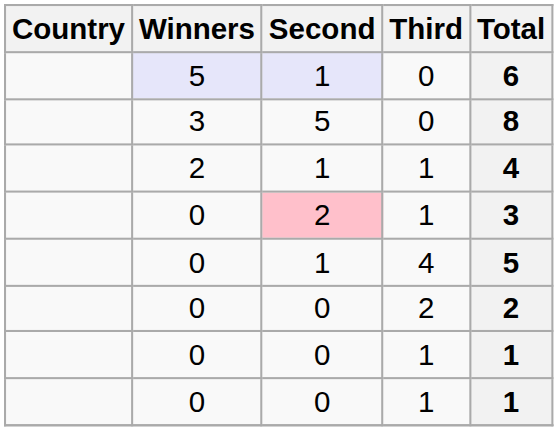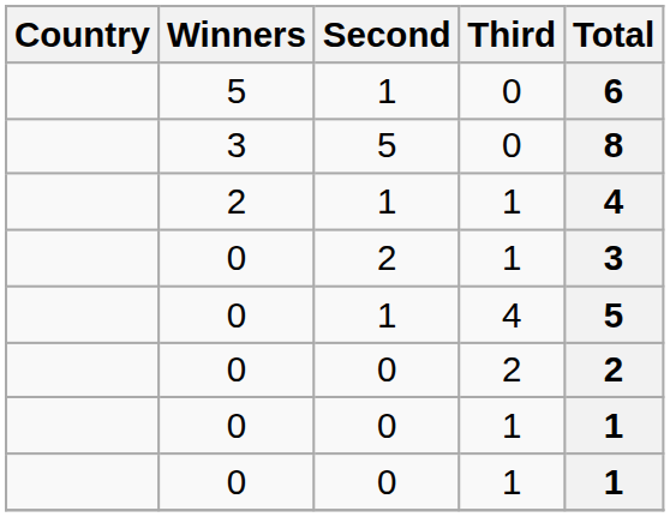 <table class="wikitable" style="font-size: 90%; text-align: center;">
 <tr>
 <th>Country</th>
 <th>Winners</th>
 <th>Second</th>
 <th>Third</th>
 <th>Total</th>
 </tr>
 <tr>
 <td align=left></td>
-<td style="background: lavender;">5</td>
-<td style="background: lavender;">1</td>
+<td>5</td>
+<td>1</td>
 <td>0</td>
 <th>6</th>
 </tr>
 <tr>
 <td align=left></td>
 <td>3</td>
 <td>5</td>
 <td>0</td>
 <th>8</th>
 </tr>
 <tr>
 <td align=left></td>
 <td>2</td>
 <td>1</td>
 <td>1</td>
 <th>4</th>
 </tr>
 <tr>
 <td align=left></td>
 <td>0</td>
-<td style="background: pink;">2</td>
+<td>2</td>
 <td>1</td>
 <th>3</th>
 </tr>
 <tr>
 <td align=left></td>
 <td>0</td>
 <td>1</td>
 <td>4</td>
 <th>5</th>
 </tr>
 <tr>
 <td align=left></td>
 <td>0</td>
 <td>0</td>
 <td>2</td>
 <th>2</th>
 </tr>
 <tr>
 <td align=left></td>
 <td>0</td>
 <td>0</td>
 <td>1</td>
 <th>1</th>
 </tr>
 <tr>
 <td align=left></td>
 <td>0</td>
 <td>0</td>
 <td>1</td>
 <th>1</th>
 </tr>
 <tr>
 </tr>
 </table>
